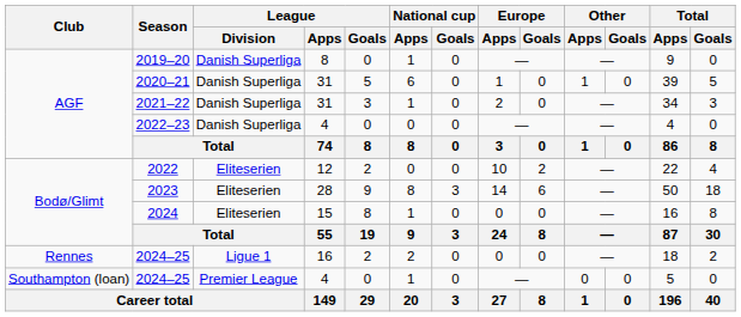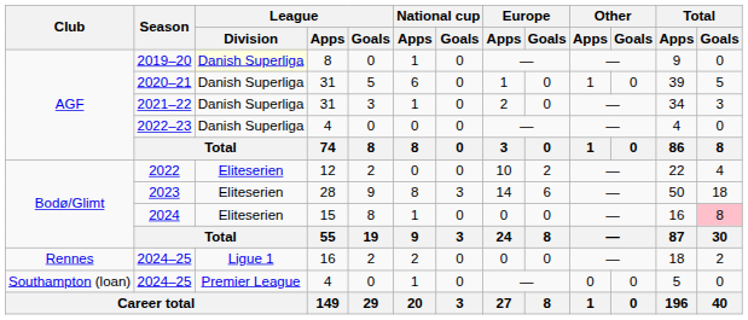 <table class="wikitable" style="text-align:center">
 <tr>
 <th rowspan="2">Club</th>
 <th rowspan="2">Season</th>
 <th colspan="3">League</th>
 <th colspan="2">National cup</th>
 <th colspan="2">Europe</th>
 <th colspan="2">Other</th>
 <th colspan="2">Total</th>
 </tr>
 <tr>
 <th>Division</th>
 <th>Apps</th>
 <th>Goals</th>
 <th>Apps</th>
 <th>Goals</th>
 <th>Apps</th>
 <th>Goals</th>
 <th>Apps</th>
 <th>Goals</th>
 <th>Apps</th>
 <th>Goals</th>
 </tr>
 <tr>
 <td rowspan="5"><a href='#'>AGF</a></td>
 <td><a href='#'>2019–20</a></td>
-<td><a href='#'>Danish Superliga</a></td>
+<td style="background: lightyellow;"><a href='#'>Danish Superliga</a></td>
 <td>8</td>
 <td>0</td>
 <td>1</td>
 <td>0</td>
 <td colspan="2">—</td>
 <td colspan="2">—</td>
 <td>9</td>
 <td>0</td>
 </tr>
 <tr>
 <td><a href='#'>2020–21</a></td>
 <td>Danish Superliga</td>
 <td>31</td>
 <td>5</td>
 <td>6</td>
 <td>0</td>
 <td>1</td>
 <td>0</td>
 <td>1</td>
 <td>0</td>
 <td>39</td>
 <td>5</td>
 </tr>
 <tr>
 <td><a href='#'>2021–22</a></td>
 <td>Danish Superliga</td>
 <td>31</td>
 <td>3</td>
 <td>1</td>
 <td>0</td>
 <td>2</td>
 <td>0</td>
 <td colspan="2">—</td>
 <td>34</td>
 <td>3</td>
 </tr>
 <tr>
 <td><a href='#'>2022–23</a></td>
 <td>Danish Superliga</td>
 <td>4</td>
 <td>0</td>
 <td>0</td>
 <td>0</td>
 <td colspan="2">—</td>
 <td colspan="2">—</td>
 <td>4</td>
 <td>0</td>
 </tr>
 <tr>
 <th colspan="2">Total</th>
 <th>74</th>
 <th>8</th>
 <th>8</th>
 <th>0</th>
 <th>3</th>
 <th>0</th>
 <th>1</th>
 <th>0</th>
 <th>86</th>
 <th>8</th>
 </tr>
 <tr>
 <td rowspan="4"><a href='#'>Bodø/Glimt</a></td>
 <td><a href='#'>2022</a></td>
 <td><a href='#'>Eliteserien</a></td>
 <td>12</td>
 <td>2</td>
 <td>0</td>
 <td>0</td>
 <td>10</td>
 <td>2</td>
 <td colspan="2">—</td>
 <td>22</td>
 <td>4</td>
 </tr>
 <tr>
 <td><a href='#'>2023</a></td>
 <td>Eliteserien</td>
 <td>28</td>
 <td>9</td>
 <td>8</td>
 <td>3</td>
 <td>14</td>
 <td>6</td>
 <td colspan="2">—</td>
 <td>50</td>
 <td>18</td>
 </tr>
 <tr>
 <td><a href='#'>2024</a></td>
 <td>Eliteserien</td>
 <td>15</td>
 <td>8</td>
 <td>1</td>
 <td>0</td>
 <td>0</td>
 <td>0</td>
 <td colspan="2">—</td>
 <td>16</td>
-<td>8</td>
+<td style="background: pink;">8</td>
 </tr>
 <tr>
 <th colspan="2">Total</th>
 <th>55</th>
 <th>19</th>
 <th>9</th>
 <th>3</th>
 <th>24</th>
 <th>8</th>
 <th colspan="2">—</th>
 <th>87</th>
 <th>30</th>
 </tr>
 <tr>
 <td><a href='#'>Rennes</a></td>
 <td><a href='#'>2024–25</a></td>
 <td><a href='#'>Ligue 1</a></td>
 <td>16</td>
 <td>2</td>
 <td>2</td>
 <td>0</td>
 <td>0</td>
 <td>0</td>
 <td colspan="2">—</td>
 <td>18</td>
 <td>2</td>
 </tr>
 <tr>
 <td><a href='#'>Southampton</a> (loan)</td>
 <td><a href='#'>2024–25</a></td>
 <td><a href='#'>Premier League</a></td>
 <td>4</td>
 <td>0</td>
 <td>1</td>
 <td>0</td>
 <td colspan="2">—</td>
 <td>0</td>
 <td>0</td>
 <td>5</td>
 <td>0</td>
 </tr>
 <tr>
 <th colspan="3">Career total</th>
 <th>149</th>
 <th>29</th>
 <th>20</th>
 <th>3</th>
 <th>27</th>
 <th>8</th>
 <th>1</th>
 <th>0</th>
 <th>196</th>
 <th>40</th>
 </tr>
 </table>
